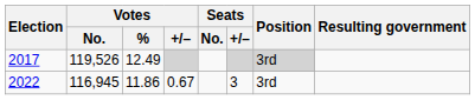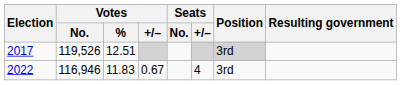 <table class="wikitable">
 <tr>
 <th rowspan="2" style="background-color:">Election</th>
 <th colspan="3" style="background-color:">Votes</th>
 <th colspan="2" style="background-color:">Seats</th>
 <th rowspan="2" style="background-color:">Position</th>
 <th rowspan="2" style="background-color:">Resulting government</th>
 </tr>
 <tr>
 <th style="background-color:">No.</th>
 <th style="background-color:">%</th>
 <th style="background-color:">+/–</th>
 <th style="background-color:">No.</th>
 <th style="background-color:">+/–</th>
 </tr>
 <tr>
 <td><a href='#'>2017</a></td>
 <td>119,526</td>
-<td>12.49</td>
+<td>12.51</td>
 <td bgcolor="lightgray"></td>
 <td></td>
 <td bgcolor="lightgray"></td>
 <td style="background: lightgrey;">3rd</td>
 <td></td>
 </tr>
 <tr>
 <td><a href='#'>2022</a></td>
-<td>116,945</td>
-<td>11.86</td>
+<td>116,946</td>
+<td>11.83</td>
 <td> 0.67</td>
 <td></td>
-<td> 3</td>
+<td> 4</td>
 <td> 3rd</td>
 <td></td>
 </tr>
 </table>
